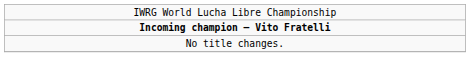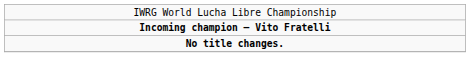 <table class="wikitable" style="text-align:center; width:100%;">
 <tr>
 <td colspan="4" style="text-align: center;">IWRG World Lucha Libre Championship</td>
 </tr>
 <tr>
 <td colspan="4" style="text-align: center;"><strong>Incoming champion – Vito Fratelli</strong></td>
 </tr>
 <tr>
-<td>No title changes.</td>
+<td><strong>No title changes.</strong></td>
 </tr>
 <tr>
 </tr>
 </table>
